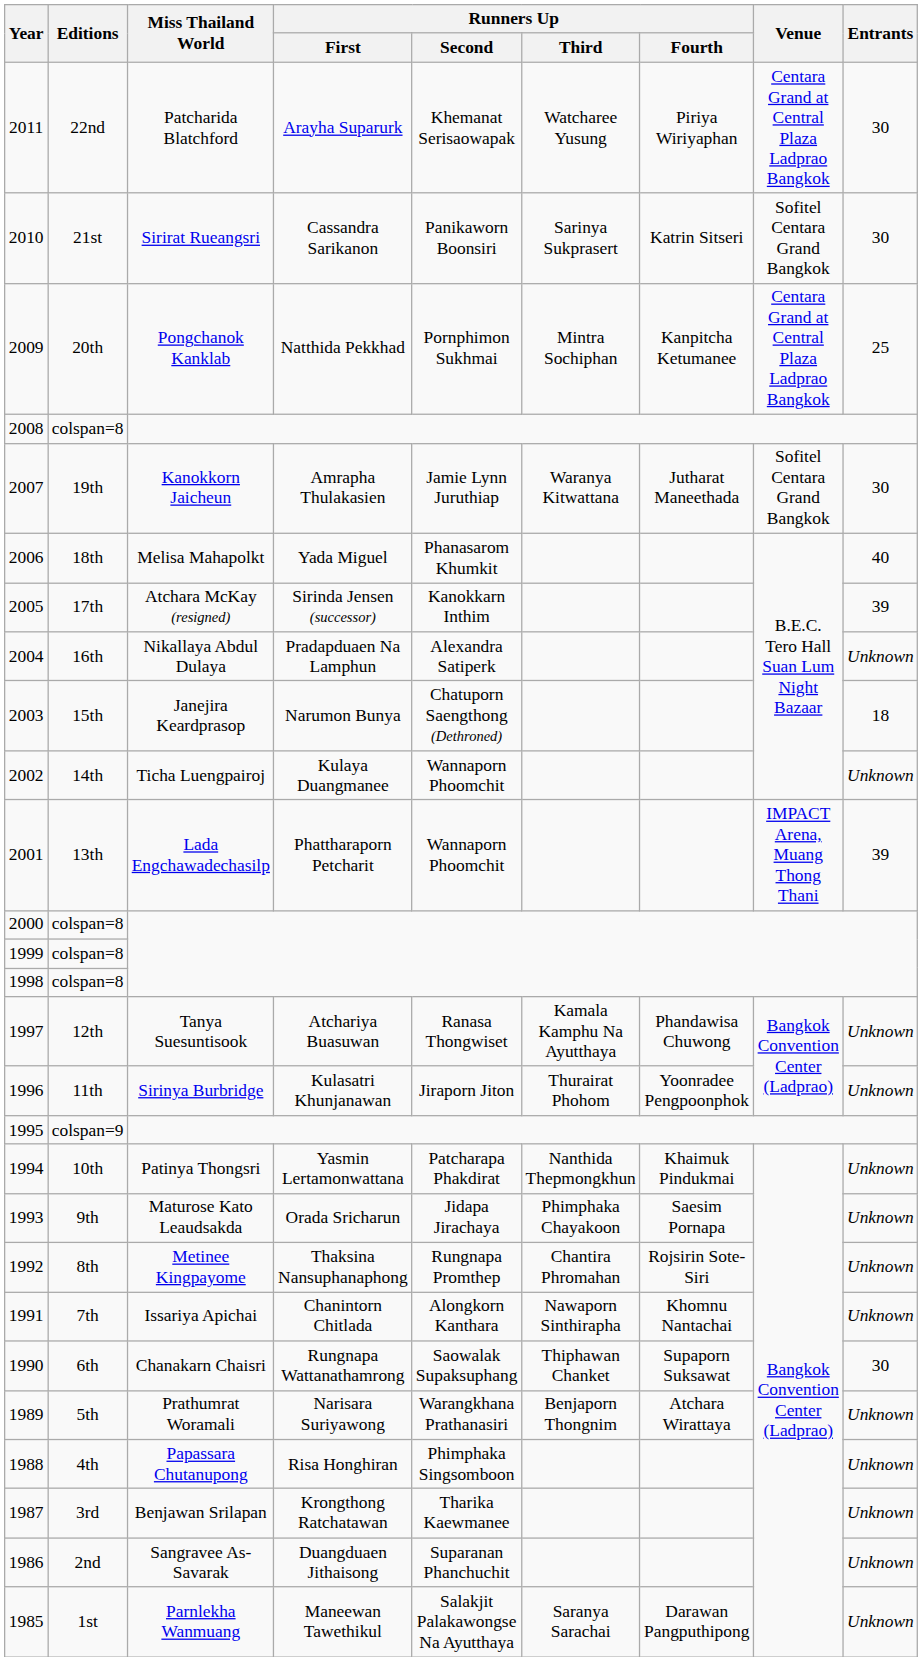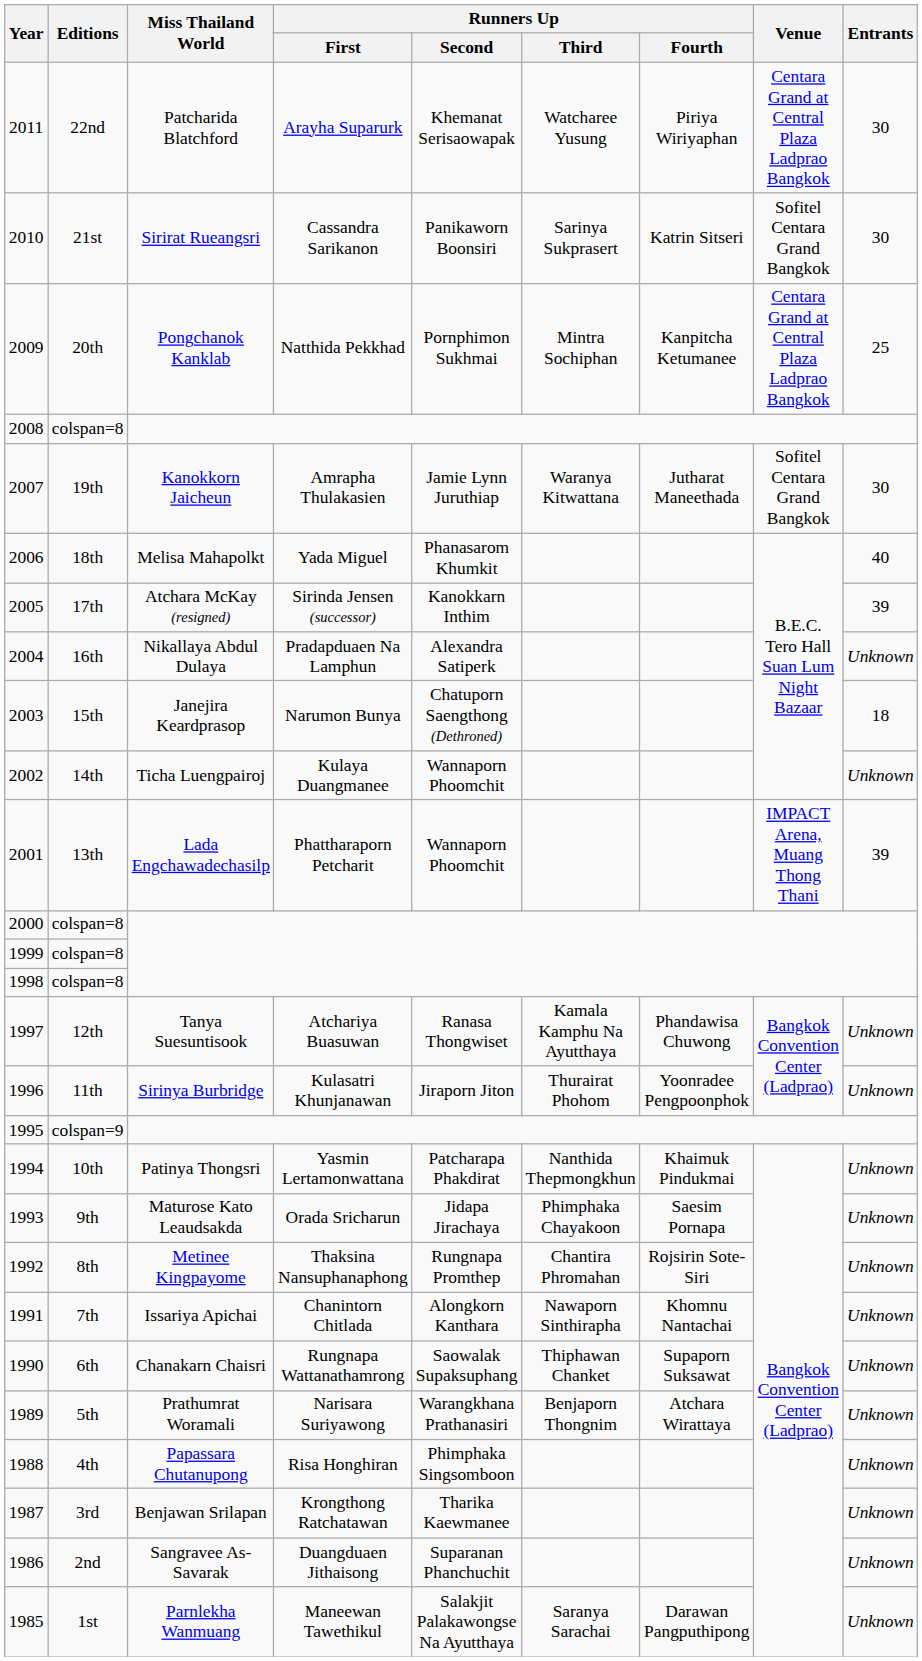 <table class="wikitable" style="font-size: 85%;">
 <tr>
 <th rowspan="2" width="1%">Year</th>
 <th rowspan="2" width="1%">Editions</th>
 <th rowspan="2"  width="200">Miss Thailand World</th>
 <th colspan="4"  width="800">Runners Up</th>
 <th rowspan="2" width="15%">Venue</th>
 <th rowspan="2" width="1%">Entrants</th>
 </tr>
 <tr>
 <th width="200">First</th>
 <th width="200">Second</th>
 <th width="200">Third</th>
 <th width="200">Fourth</th>
 </tr>
 <tr style="text-align:center;">
 <td>2011</td>
 <td>22nd</td>
 <td>Patcharida Blatchford<br></td>
 <td><a href='#'>Arayha Suparurk</a><br></td>
 <td>Khemanat Serisaowapak<br></td>
 <td>Watcharee Yusung<br></td>
 <td>Piriya Wiriyaphan<br></td>
 <td><a href='#'>Centara Grand at Central Plaza Ladprao Bangkok</a></td>
 <td>30</td>
 </tr>
 <tr style="text-align:center;">
 <td>2010</td>
 <td>21st</td>
 <td><a href='#'>Sirirat Rueangsri</a><br></td>
 <td>Cassandra Sarikanon<br></td>
 <td>Panikaworn Boonsiri<br></td>
 <td>Sarinya Sukprasert<br></td>
 <td>Katrin Sitseri<br></td>
 <td>Sofitel Centara Grand Bangkok</td>
 <td>30</td>
 </tr>
 <tr style="text-align:center;">
 <td>2009</td>
 <td>20th</td>
 <td><a href='#'>Pongchanok Kanklab</a><br></td>
 <td>Natthida Pekkhad<br></td>
 <td>Pornphimon Sukhmai<br></td>
 <td>Mintra Sochiphan<br></td>
 <td>Kanpitcha Ketumanee<br></td>
 <td><a href='#'>Centara Grand at Central Plaza Ladprao Bangkok</a></td>
 <td>25</td>
 </tr>
 <tr style="text-align:center;">
 <td>2008</td>
 <td>colspan=8 </td>
 </tr>
 <tr style="text-align:center;">
 <td>2007</td>
 <td>19th</td>
 <td><a href='#'>Kanokkorn Jaicheun</a><br></td>
 <td>Amrapha Thulakasien<br></td>
 <td>Jamie Lynn Juruthiap<br></td>
 <td>Waranya Kitwattana<br></td>
 <td>Jutharat Maneethada<br></td>
 <td>Sofitel Centara Grand Bangkok</td>
 <td>30</td>
 </tr>
 <tr style="text-align:center;">
 <td>2006</td>
 <td>18th</td>
 <td>Melisa Mahapolkt<br></td>
 <td>Yada Miguel<br></td>
 <td>Phanasarom Khumkit<br></td>
 <td></td>
 <td></td>
 <td rowspan="5">B.E.C. Tero Hall <a href='#'>Suan Lum Night Bazaar</a></td>
 <td>40</td>
 </tr>
 <tr style="text-align:center;">
 <td>2005</td>
 <td>17th</td>
 <td>Atchara McKay <em><small>(resigned)</small></em><br></td>
 <td>Sirinda Jensen <em><small>(successor)</small></em><br></td>
 <td>Kanokkarn Inthim<br></td>
 <td></td>
 <td></td>
 <td>39</td>
 </tr>
 <tr style="text-align:center;">
 <td>2004</td>
 <td>16th</td>
 <td>Nikallaya Abdul Dulaya<br></td>
 <td>Pradapduaen Na Lamphun<br></td>
 <td>Alexandra Satiperk<br></td>
 <td></td>
 <td></td>
 <td><em>Unknown</em></td>
 </tr>
 <tr style="text-align:center;">
 <td>2003</td>
 <td>15th</td>
 <td>Janejira Keardprasop<br></td>
 <td>Narumon Bunya<br></td>
 <td>Chatuporn Saengthong <em><small>(Dethroned)</small></em><br></td>
 <td></td>
 <td></td>
 <td>18</td>
 </tr>
 <tr style="text-align:center;">
 <td>2002</td>
 <td>14th</td>
 <td>Ticha Luengpairoj<br></td>
 <td>Kulaya Duangmanee<br></td>
 <td>Wannaporn Phoomchit<br></td>
 <td></td>
 <td></td>
 <td><em>Unknown</em></td>
 </tr>
 <tr style="text-align:center;">
 <td>2001</td>
 <td>13th</td>
 <td><a href='#'>Lada Engchawadechasilp</a><br></td>
 <td>Phattharaporn Petcharit<br></td>
 <td>Wannaporn Phoomchit<br></td>
 <td></td>
 <td></td>
 <td><a href='#'>IMPACT Arena, Muang Thong Thani</a></td>
 <td>39</td>
 </tr>
 <tr style="text-align:center;">
 <td>2000</td>
 <td>colspan=8 </td>
 </tr>
 <tr style="text-align:center;">
 <td>1999</td>
 <td>colspan=8 </td>
 </tr>
 <tr style="text-align:center;">
 <td>1998</td>
 <td>colspan=8 </td>
 </tr>
 <tr style="text-align:center;">
 <td>1997</td>
 <td>12th</td>
 <td>Tanya Suesuntisook<br></td>
 <td>Atchariya Buasuwan<br></td>
 <td>Ranasa Thongwiset<br></td>
 <td>Kamala Kamphu Na Ayutthaya<br></td>
 <td>Phandawisa Chuwong<br></td>
 <td rowspan="2"><a href='#'>Bangkok Convention Center (Ladprao)</a></td>
 <td><em>Unknown</em></td>
 </tr>
 <tr style="text-align:center;">
 <td>1996</td>
 <td>11th</td>
 <td><a href='#'>Sirinya Burbridge</a><br></td>
 <td>Kulasatri Khunjanawan<br></td>
 <td>Jiraporn Jiton<br></td>
 <td>Thurairat Phohom<br></td>
 <td>Yoonradee Pengpoonphok<br></td>
 <td><em>Unknown</em></td>
 </tr>
 <tr style="text-align:center;">
 <td>1995</td>
 <td>colspan=9 </td>
 </tr>
 <tr style="text-align:center;">
 <td>1994</td>
 <td>10th</td>
 <td>Patinya Thongsri<br></td>
 <td>Yasmin Lertamonwattana<br></td>
 <td>Patcharapa Phakdirat<br></td>
 <td>Nanthida Thepmongkhun<br></td>
 <td>Khaimuk Pindukmai<br></td>
 <td rowspan="10"><a href='#'>Bangkok Convention Center (Ladprao)</a></td>
 <td><em>Unknown</em></td>
 </tr>
 <tr style="text-align:center;">
 <td>1993</td>
 <td>9th</td>
 <td>Maturose Kato Leaudsakda<br></td>
 <td>Orada Sricharun<br></td>
 <td>Jidapa Jirachaya<br></td>
 <td>Phimphaka Chayakoon<br></td>
 <td>Saesim Pornapa<br></td>
 <td><em>Unknown</em></td>
 </tr>
 <tr style="text-align:center;">
 <td>1992</td>
 <td>8th</td>
 <td><a href='#'>Metinee Kingpayome</a><br></td>
 <td>Thaksina Nansuphanaphong<br></td>
 <td>Rungnapa Promthep<br></td>
 <td>Chantira Phromahan<br></td>
 <td>Rojsirin Sote-Siri<br></td>
 <td><em>Unknown</em></td>
 </tr>
 <tr style="text-align:center;">
 <td>1991</td>
 <td>7th</td>
 <td>Issariya Apichai<br></td>
 <td>Chanintorn Chitlada<br></td>
 <td>Alongkorn Kanthara<br></td>
 <td>Nawaporn Sinthirapha<br></td>
 <td>Khomnu Nantachai<br></td>
 <td><em>Unknown</em></td>
 </tr>
 <tr style="text-align:center;">
 <td>1990</td>
 <td>6th</td>
 <td>Chanakarn Chaisri<br></td>
 <td>Rungnapa Wattanathamrong<br></td>
 <td>Saowalak Supaksuphang<br></td>
 <td>Thiphawan Chanket<br></td>
 <td>Supaporn Suksawat<br></td>
-<td>30</td>
+<td><em>Unknown</em></td>
 </tr>
 <tr style="text-align:center;">
 <td>1989</td>
 <td>5th</td>
 <td>Prathumrat Woramali<br></td>
 <td>Narisara Suriyawong<br></td>
 <td>Warangkhana Prathanasiri<br></td>
 <td>Benjaporn Thongnim<br></td>
 <td>Atchara Wirattaya<br></td>
 <td><em>Unknown</em></td>
 </tr>
 <tr style="text-align:center;">
 <td>1988</td>
 <td>4th</td>
 <td><a href='#'>Papassara Chutanupong</a><br></td>
 <td>Risa Honghiran<br></td>
 <td>Phimphaka Singsomboon<br></td>
 <td></td>
 <td></td>
 <td><em>Unknown</em></td>
 </tr>
 <tr style="text-align:center;">
 <td>1987</td>
 <td>3rd</td>
 <td>Benjawan Srilapan<br></td>
 <td>Krongthong Ratchatawan<br></td>
 <td>Tharika Kaewmanee<br></td>
 <td></td>
 <td></td>
 <td><em>Unknown</em></td>
 </tr>
 <tr style="text-align:center;">
 <td>1986</td>
 <td>2nd</td>
 <td>Sangravee As-Savarak<br></td>
 <td>Duangduaen Jithaisong<br></td>
 <td>Suparanan Phanchuchit<br></td>
 <td></td>
 <td></td>
 <td><em>Unknown</em></td>
 </tr>
 <tr style="text-align:center;">
 <td>1985</td>
 <td>1st</td>
 <td><a href='#'>Parnlekha Wanmuang</a><br></td>
 <td>Maneewan Tawethikul<br></td>
 <td>Salakjit Palakawongse Na Ayutthaya<br></td>
 <td>Saranya Sarachai<br></td>
 <td>Darawan Pangputhipong<br></td>
 <td><em>Unknown</em></td>
 </tr>
 </table>
